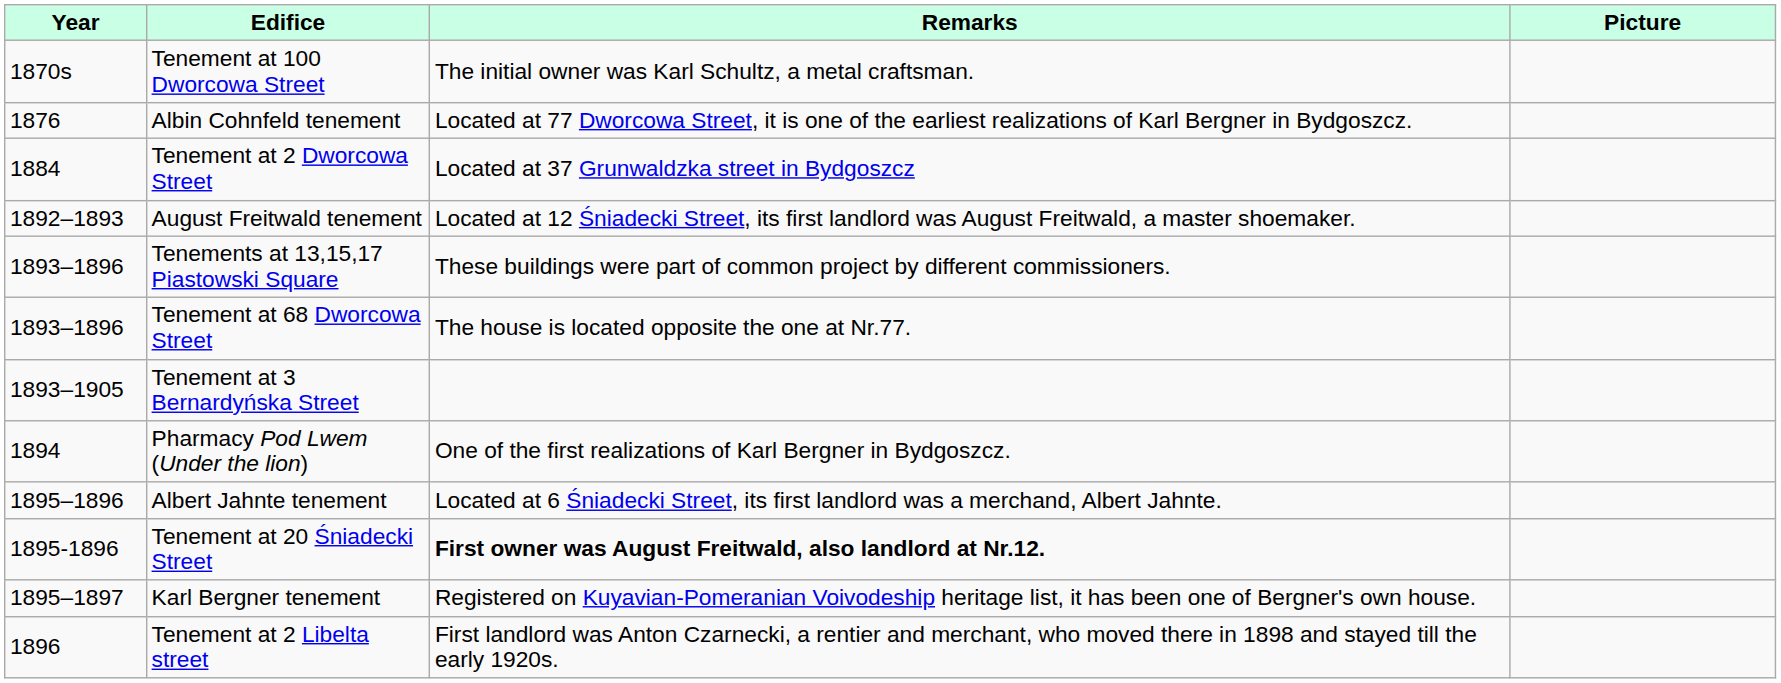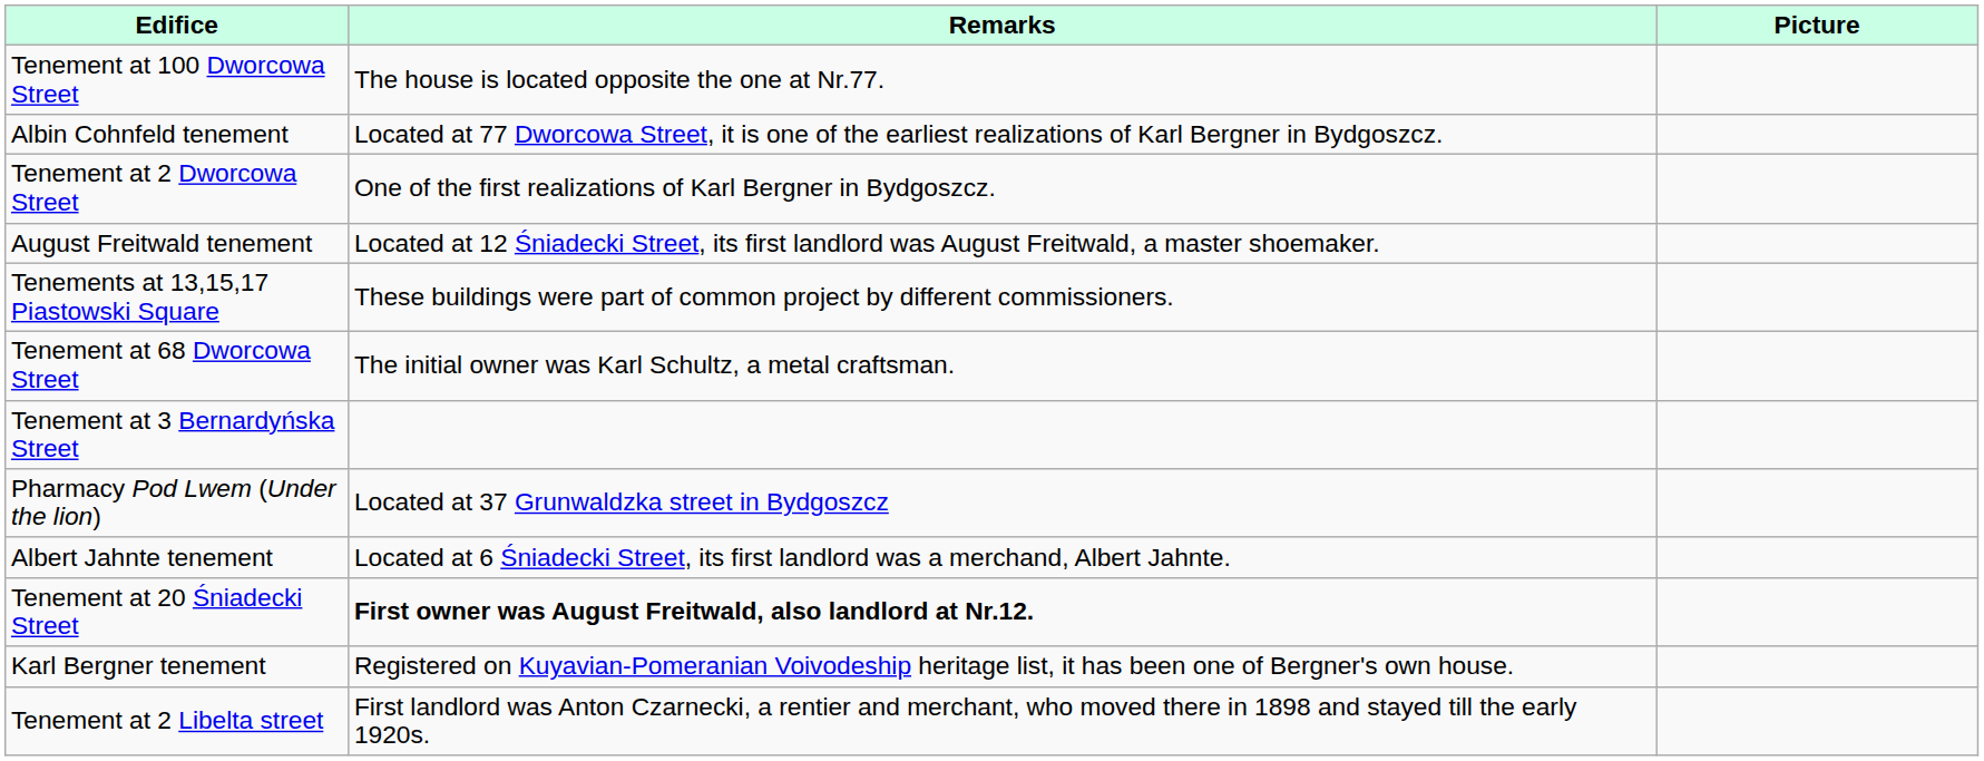 <table class="wikitable" style="flex: 30em">
 <tr align="center" bgcolor="#C9FFE5">
-<td width=8%><strong>Year</strong></td>
 <td width=16%><strong>Edifice</strong></td>
 <td width=61%><strong>Remarks</strong></td>
 <td width=15%><strong>Picture</strong></td>
 </tr>
 <tr ----bgcolor="#EFEFEF">
-<td>1870s</td>
 <td>Tenement at 100 <a href='#'>Dworcowa Street</a></td>
-<td>The initial owner was Karl Schultz, a metal craftsman.</td>
+<td>The house is located opposite the one at Nr.77.</td>
 <td></td>
 </tr>
 <tr --->
-<td>1876</td>
 <td>Albin Cohnfeld tenement</td>
 <td>Located at 77 <a href='#'>Dworcowa Street</a>, it is one of the earliest realizations of Karl Bergner in Bydgoszcz.</td>
 <td></td>
 </tr>
 <tr ----bgcolor="#EFEFEF">
-<td>1884</td>
 <td>Tenement at 2 <a href='#'>Dworcowa Street</a></td>
-<td>Located at 37 <a href='#'>Grunwaldzka street in Bydgoszcz</a></td>
+<td>One of the first realizations of Karl Bergner in Bydgoszcz.</td>
 <td></td>
 </tr>
 <tr ---->
-<td>1892–1893</td>
 <td>August Freitwald tenement</td>
 <td>Located at 12 <a href='#'>Śniadecki Street</a>, its first landlord was August Freitwald, a master shoemaker.</td>
 <td></td>
 </tr>
 <tr ----bgcolor="#EFEFEF">
-<td>1893–1896</td>
 <td>Tenements at 13,15,17 <a href='#'>Piastowski Square</a></td>
 <td>These buildings were part of common project by different commissioners.</td>
 <td></td>
 </tr>
 <tr --->
-<td>1893–1896</td>
 <td>Tenement at 68 <a href='#'>Dworcowa Street</a></td>
-<td>The house is located opposite the one at Nr.77.</td>
+<td>The initial owner was Karl Schultz, a metal craftsman.</td>
 <td></td>
 </tr>
 <tr ---bgcolor="#EFEFEF">
-<td>1893–1905</td>
 <td>Tenement at 3 <a href='#'>Bernardyńska Street</a></td>
 <td></td>
 <td></td>
 </tr>
 <tr --->
-<td>1894</td>
 <td>Pharmacy <em>Pod Lwem</em> (<em>Under the lion</em>)</td>
-<td>One of the first realizations of Karl Bergner in Bydgoszcz.</td>
+<td>Located at 37 <a href='#'>Grunwaldzka street in Bydgoszcz</a></td>
 <td></td>
 </tr>
 <tr ---bgcolor="#EFEFEF">
-<td>1895–1896</td>
 <td>Albert Jahnte tenement</td>
 <td>Located at 6 <a href='#'>Śniadecki Street</a>, its first landlord was a merchand, Albert Jahnte.</td>
 <td></td>
 </tr>
 <tr ---->
-<td>1895-1896</td>
 <td>Tenement at 20 <a href='#'>Śniadecki Street</a></td>
 <td><strong>First owner was August Freitwald, also landlord at Nr.12.</strong></td>
 <td></td>
 </tr>
 <tr ----bgcolor="#FFFFFF">
-<td>1895–1897</td>
 <td>Karl Bergner tenement</td>
 <td>Registered on <a href='#'>Kuyavian-Pomeranian Voivodeship</a> heritage list, it has been one of Bergner's own house.</td>
 <td></td>
 </tr>
 <tr ---->
-<td>1896</td>
 <td>Tenement at 2 <a href='#'>Libelta street</a></td>
 <td>First landlord was Anton Czarnecki, a rentier and merchant, who moved there in 1898 and stayed till the early 1920s.</td>
 <td></td>
 </tr>
 </table>
